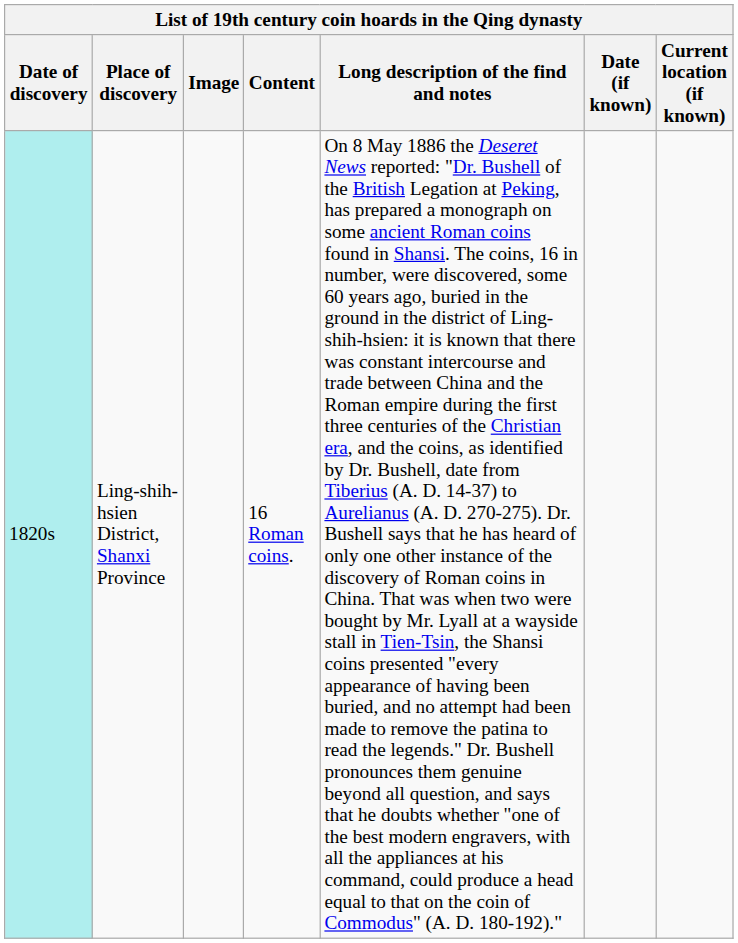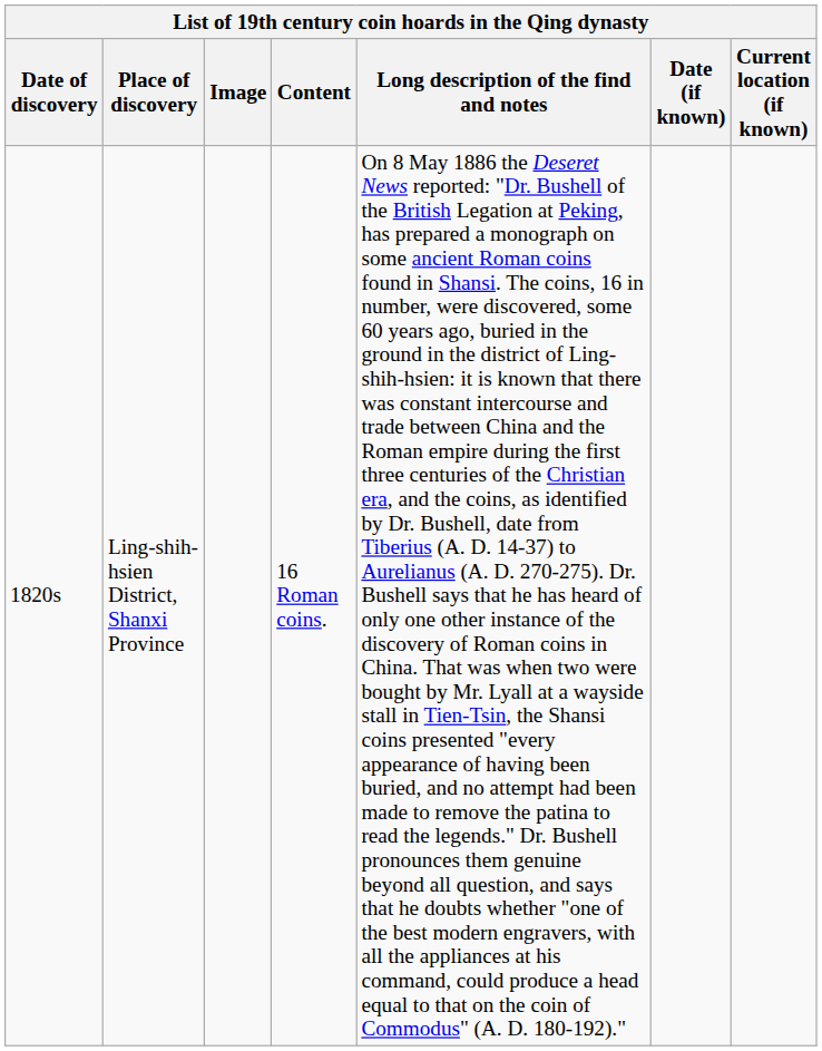 <table class="wikitable" style="font-size: 100%">
 <tr>
 <th colspan=7>List of 19th century coin hoards in the Qing dynasty</th>
 </tr>
 <tr>
 <th>Date of discovery</th>
 <th>Place of discovery</th>
 <th>Image</th>
 <th>Content</th>
 <th>Long description of the find and notes</th>
 <th>Date<br>(if known)</th>
 <th>Current location<br>(if known)</th>
 </tr>
 <tr>
-<td style="background: paleturquoise;">1820s</td>
+<td>1820s</td>
 <td>Ling-shih-hsien District, <a href='#'>Shanxi</a> Province</td>
 <td></td>
 <td>16 <a href='#'>Roman coins</a>.</td>
 <td>On 8 May 1886 the <em><a href='#'>Deseret News</a></em> reported: "<a href='#'>Dr. Bushell</a> of the <a href='#'>British</a> Legation at <a href='#'>Peking</a>, has prepared a monograph on some <a href='#'>ancient Roman coins</a> found in <a href='#'>Shansi</a>. The coins, 16 in number, were discovered, some 60 years ago, buried in the ground in the district of Ling-shih-hsien: it is known that there was constant intercourse and trade between China and the Roman empire during the first three centuries of the <a href='#'>Christian era</a>, and the coins, as identified by Dr. Bushell, date from <a href='#'>Tiberius</a> (A. D. 14-37) to <a href='#'>Aurelianus</a> (A. D. 270-275). Dr. Bushell says that he has heard of only one other instance of the discovery of Roman coins in China. That was when two were bought by Mr. Lyall at a wayside stall in <a href='#'>Tien-Tsin</a>, the Shansi coins presented "every appearance of having been buried, and no attempt had been made to remove the patina to read the legends." Dr. Bushell pronounces them genuine beyond all question, and says that he doubts whether "one of the best modern engravers, with all the appliances at his command, could produce a head equal to that on the coin of <a href='#'>Commodus</a>" (A. D. 180-192)."</td>
 <td></td>
 <td></td>
 </tr>
 </table>
